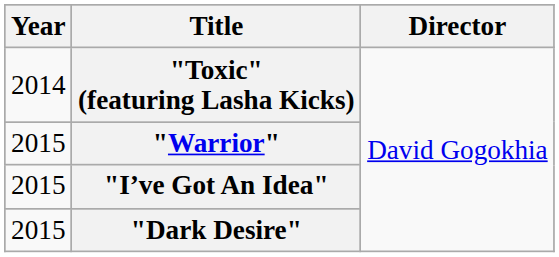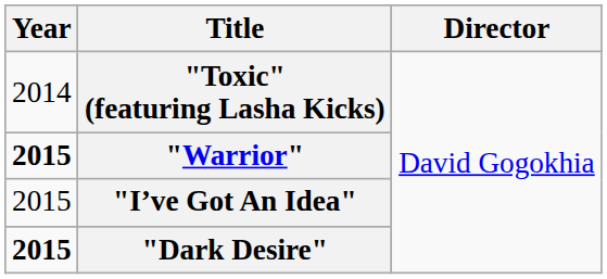 <table class="wikitable plainrowheaders" style="text-align:center;">
 <tr>
 <th scope="col">Year</th>
 <th scope="col">Title</th>
 <th scope="col">Director</th>
 </tr>
 <tr>
 <td>2014</td>
 <th scope="row">"Toxic"<br><span>(featuring Lasha Kicks)</span></th>
 <td rowspan="4"><a href='#'>David Gogokhia</a></td>
 </tr>
 <tr>
-<td>2015</td>
+<td><strong>2015</strong></td>
 <th scope="row">"<a href='#'>Warrior</a>"</th>
 </tr>
 <tr>
 <td>2015</td>
 <th scope="row">"I’ve Got An Idea"</th>
 </tr>
 <tr>
-<td>2015</td>
+<td><strong>2015</strong></td>
 <th scope="row">"Dark Desire"</th>
 </tr>
 </table>
